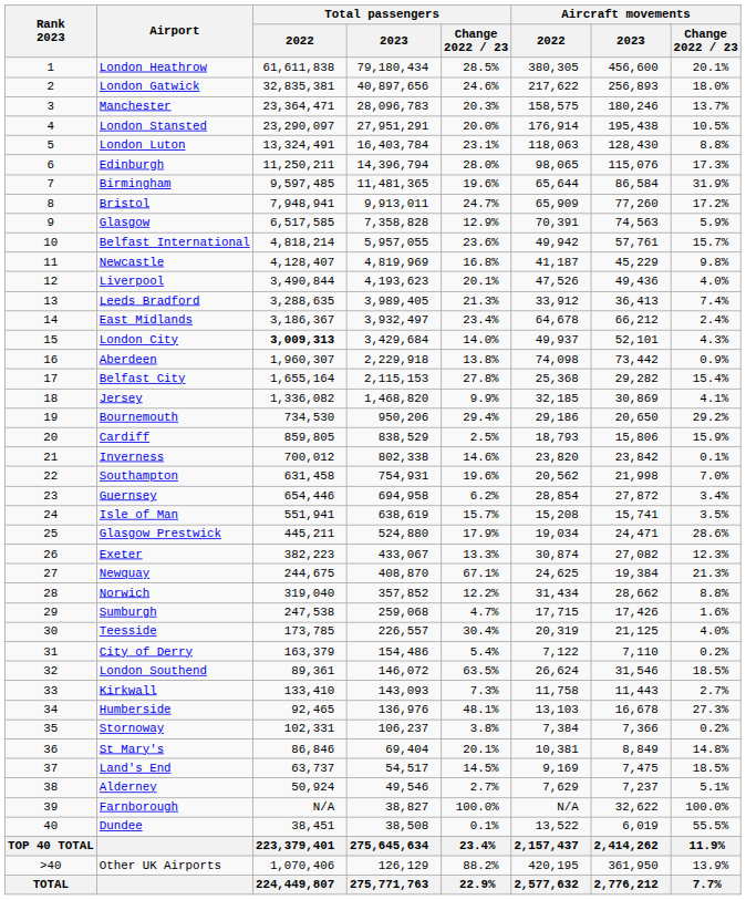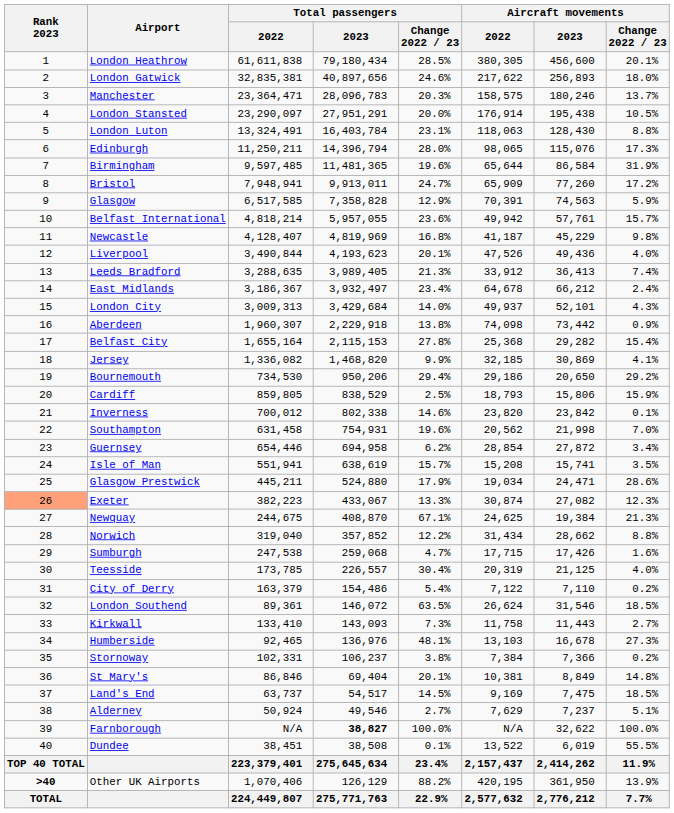 <table class="wikitable sortable" style="text-align: right;">
 <tr>
 <th rowspan=2>Rank<br>2023</th>
 <th rowspan="2">Airport</th>
 <th colspan=3>Total passengers</th>
 <th colspan=3>Aircraft movements</th>
 </tr>
 <tr>
 <th>2022</th>
 <th>2023</th>
 <th>Change<br>2022 / 23</th>
 <th>2022</th>
 <th>2023</th>
 <th>Change<br>2022 / 23</th>
 </tr>
 <tr>
 <td align='center'>1</td>
 <td align='left'><a href='#'>London Heathrow</a></td>
 <td style="padding-right: 1em;">61,611,838</td>
 <td style="padding-right: 1em;">79,180,434</td>
 <td style="padding-right: 1em;">28.5%</td>
 <td style="padding-right: 1em;">380,305</td>
 <td style="padding-right: 1em;">456,600</td>
 <td style="padding-right: 1em;">20.1%</td>
 </tr>
 <tr>
 <td align='center'>2</td>
 <td align='left'><a href='#'>London Gatwick</a></td>
 <td style="padding-right: 1em;">32,835,381</td>
 <td style="padding-right: 1em;">40,897,656</td>
 <td style="padding-right: 1em;">24.6%</td>
 <td style="padding-right: 1em;">217,622</td>
 <td style="padding-right: 1em;">256,893</td>
 <td style="padding-right: 1em;">18.0%</td>
 </tr>
 <tr>
 <td align='center'>3</td>
 <td align='left'><a href='#'>Manchester</a></td>
 <td style="padding-right: 1em;">23,364,471</td>
 <td style="padding-right: 1em;">28,096,783</td>
 <td style="padding-right: 1em;">20.3%</td>
 <td style="padding-right: 1em;">158,575</td>
 <td style="padding-right: 1em;">180,246</td>
 <td style="padding-right: 1em;">13.7%</td>
 </tr>
 <tr>
 <td align='center'>4</td>
 <td align='left'><a href='#'>London Stansted</a></td>
 <td style="padding-right: 1em;">23,290,097</td>
 <td style="padding-right: 1em;">27,951,291</td>
 <td style="padding-right: 1em;">20.0%</td>
 <td style="padding-right: 1em;">176,914</td>
 <td style="padding-right: 1em;">195,438</td>
 <td style="padding-right: 1em;">10.5%</td>
 </tr>
 <tr>
 <td align='center'>5</td>
 <td align='left'><a href='#'>London Luton</a></td>
 <td style="padding-right: 1em;">13,324,491</td>
 <td style="padding-right: 1em;">16,403,784</td>
 <td style="padding-right: 1em;">23.1%</td>
 <td style="padding-right: 1em;">118,063</td>
 <td style="padding-right: 1em;">128,430</td>
 <td style="padding-right: 1em;">8.8%</td>
 </tr>
 <tr>
 <td align='center'>6</td>
 <td align='left'><a href='#'>Edinburgh</a></td>
 <td style="padding-right: 1em;">11,250,211</td>
 <td style="padding-right: 1em;">14,396,794</td>
 <td style="padding-right: 1em;">28.0%</td>
 <td style="padding-right: 1em;">98,065</td>
 <td style="padding-right: 1em;">115,076</td>
 <td style="padding-right: 1em;">17.3%</td>
 </tr>
 <tr>
 <td align='center'>7</td>
 <td align='left'><a href='#'>Birmingham</a></td>
 <td style="padding-right: 1em;">9,597,485</td>
 <td style="padding-right: 1em;">11,481,365</td>
 <td style="padding-right: 1em;">19.6%</td>
 <td style="padding-right: 1em;">65,644</td>
 <td style="padding-right: 1em;">86,584</td>
 <td style="padding-right: 1em;">31.9%</td>
 </tr>
 <tr>
 <td align='center'>8</td>
 <td align='left'><a href='#'>Bristol</a></td>
 <td style="padding-right: 1em;">7,948,941</td>
 <td style="padding-right: 1em;">9,913,011</td>
 <td style="padding-right: 1em;">24.7%</td>
 <td style="padding-right: 1em;">65,909</td>
 <td style="padding-right: 1em;">77,260</td>
 <td style="padding-right: 1em;">17.2%</td>
 </tr>
 <tr>
 <td align='center'>9</td>
 <td align='left'><a href='#'>Glasgow</a></td>
 <td style="padding-right: 1em;">6,517,585</td>
 <td style="padding-right: 1em;">7,358,828</td>
 <td style="padding-right: 1em;">12.9%</td>
 <td style="padding-right: 1em;">70,391</td>
 <td style="padding-right: 1em;">74,563</td>
 <td style="padding-right: 1em;">5.9%</td>
 </tr>
 <tr>
 <td align='center'>10</td>
 <td align='left'><a href='#'>Belfast International</a></td>
 <td style="padding-right: 1em;">4,818,214</td>
 <td style="padding-right: 1em;">5,957,055</td>
 <td style="padding-right: 1em;">23.6%</td>
 <td style="padding-right: 1em;">49,942</td>
 <td style="padding-right: 1em;">57,761</td>
 <td style="padding-right: 1em;">15.7%</td>
 </tr>
 <tr>
 <td align='center'>11</td>
 <td align='left'><a href='#'>Newcastle</a></td>
 <td style="padding-right: 1em;">4,128,407</td>
 <td style="padding-right: 1em;">4,819,969</td>
 <td style="padding-right: 1em;">16.8%</td>
 <td style="padding-right: 1em;">41,187</td>
 <td style="padding-right: 1em;">45,229</td>
 <td style="padding-right: 1em;">9.8%</td>
 </tr>
 <tr>
 <td align='center'>12</td>
 <td align='left'><a href='#'>Liverpool</a></td>
 <td style="padding-right: 1em;">3,490,844</td>
 <td style="padding-right: 1em;">4,193,623</td>
 <td style="padding-right: 1em;">20.1%</td>
 <td style="padding-right: 1em;">47,526</td>
 <td style="padding-right: 1em;">49,436</td>
 <td style="padding-right: 1em;">4.0%</td>
 </tr>
 <tr>
 <td align='center'>13</td>
 <td align='left'><a href='#'>Leeds Bradford</a></td>
 <td style="padding-right: 1em;">3,288,635</td>
 <td style="padding-right: 1em;">3,989,405</td>
 <td style="padding-right: 1em;">21.3%</td>
 <td style="padding-right: 1em;">33,912</td>
 <td style="padding-right: 1em;">36,413</td>
 <td style="padding-right: 1em;">7.4%</td>
 </tr>
 <tr>
 <td align='center'>14</td>
 <td align='left'><a href='#'>East Midlands</a></td>
 <td style="padding-right: 1em;">3,186,367</td>
 <td style="padding-right: 1em;">3,932,497</td>
 <td style="padding-right: 1em;">23.4%</td>
 <td style="padding-right: 1em;">64,678</td>
 <td style="padding-right: 1em;">66,212</td>
 <td style="padding-right: 1em;">2.4%</td>
 </tr>
 <tr>
 <td align='center'>15</td>
 <td align='left'><a href='#'>London City</a></td>
-<td style="padding-right: 1em;"><strong>3,009,313</strong></td>
+<td style="padding-right: 1em;">3,009,313</td>
 <td style="padding-right: 1em;">3,429,684</td>
 <td style="padding-right: 1em;">14.0%</td>
 <td style="padding-right: 1em;">49,937</td>
 <td style="padding-right: 1em;">52,101</td>
 <td style="padding-right: 1em;">4.3%</td>
 </tr>
 <tr>
 <td align='center'>16</td>
 <td align='left'><a href='#'>Aberdeen</a></td>
 <td style="padding-right: 1em;">1,960,307</td>
 <td style="padding-right: 1em;">2,229,918</td>
 <td style="padding-right: 1em;">13.8%</td>
 <td style="padding-right: 1em;">74,098</td>
 <td style="padding-right: 1em;">73,442</td>
 <td style="padding-right: 1em;">0.9%</td>
 </tr>
 <tr>
 <td align='center'>17</td>
 <td align='left'><a href='#'>Belfast City</a></td>
 <td style="padding-right: 1em;">1,655,164</td>
 <td style="padding-right: 1em;">2,115,153</td>
 <td style="padding-right: 1em;">27.8%</td>
 <td style="padding-right: 1em;">25,368</td>
 <td style="padding-right: 1em;">29,282</td>
 <td style="padding-right: 1em;">15.4%</td>
 </tr>
 <tr>
 <td align='center'>18</td>
 <td align='left'><a href='#'>Jersey</a></td>
 <td style="padding-right: 1em;">1,336,082</td>
 <td style="padding-right: 1em;">1,468,820</td>
 <td style="padding-right: 1em;">9.9%</td>
 <td style="padding-right: 1em;">32,185</td>
 <td style="padding-right: 1em;">30,869</td>
 <td style="padding-right: 1em;">4.1%</td>
 </tr>
 <tr>
 <td align='center'>19</td>
 <td align='left'><a href='#'>Bournemouth</a></td>
 <td style="padding-right: 1em;">734,530</td>
 <td style="padding-right: 1em;">950,206</td>
 <td style="padding-right: 1em;">29.4%</td>
 <td style="padding-right: 1em;">29,186</td>
 <td style="padding-right: 1em;">20,650</td>
 <td style="padding-right: 1em;">29.2%</td>
 </tr>
 <tr>
 <td align='center'>20</td>
 <td align='left'><a href='#'>Cardiff</a></td>
 <td style="padding-right: 1em;">859,805</td>
 <td style="padding-right: 1em;">838,529</td>
 <td style="padding-right: 1em;">2.5%</td>
 <td style="padding-right: 1em;">18,793</td>
 <td style="padding-right: 1em;">15,806</td>
 <td style="padding-right: 1em;">15.9%</td>
 </tr>
 <tr>
 <td align='center'>21</td>
 <td align='left'><a href='#'>Inverness</a></td>
 <td style="padding-right: 1em;">700,012</td>
 <td style="padding-right: 1em;">802,338</td>
 <td style="padding-right: 1em;">14.6%</td>
 <td style="padding-right: 1em;">23,820</td>
 <td style="padding-right: 1em;">23,842</td>
 <td style="padding-right: 1em;">0.1%</td>
 </tr>
 <tr>
 <td align='center'>22</td>
 <td align='left'><a href='#'>Southampton</a></td>
 <td style="padding-right: 1em;">631,458</td>
 <td style="padding-right: 1em;">754,931</td>
 <td style="padding-right: 1em;">19.6%</td>
 <td style="padding-right: 1em;">20,562</td>
 <td style="padding-right: 1em;">21,998</td>
 <td style="padding-right: 1em;">7.0%</td>
 </tr>
 <tr>
 <td align='center'>23</td>
 <td align='left'><a href='#'>Guernsey</a></td>
 <td style="padding-right: 1em;">654,446</td>
 <td style="padding-right: 1em;">694,958</td>
 <td style="padding-right: 1em;">6.2%</td>
 <td style="padding-right: 1em;">28,854</td>
 <td style="padding-right: 1em;">27,872</td>
 <td style="padding-right: 1em;">3.4%</td>
 </tr>
 <tr>
 <td align='center'>24</td>
 <td align='left'><a href='#'>Isle of Man</a></td>
 <td style="padding-right: 1em;">551,941</td>
 <td style="padding-right: 1em;">638,619</td>
 <td style="padding-right: 1em;">15.7%</td>
 <td style="padding-right: 1em;">15,208</td>
 <td style="padding-right: 1em;">15,741</td>
 <td style="padding-right: 1em;">3.5%</td>
 </tr>
 <tr>
 <td align='center'>25</td>
 <td align='left'><a href='#'>Glasgow Prestwick</a></td>
 <td style="padding-right: 1em;">445,211</td>
 <td style="padding-right: 1em;">524,880</td>
 <td style="padding-right: 1em;">17.9%</td>
 <td style="padding-right: 1em;">19,034</td>
 <td style="padding-right: 1em;">24,471</td>
 <td style="padding-right: 1em;">28.6%</td>
 </tr>
 <tr>
-<td align='center'>26</td>
+<td align='center' style="background: lightsalmon;">26</td>
 <td align='left'><a href='#'>Exeter</a></td>
 <td style="padding-right: 1em;">382,223</td>
 <td style="padding-right: 1em;">433,067</td>
 <td style="padding-right: 1em;">13.3%</td>
 <td style="padding-right: 1em;">30,874</td>
 <td style="padding-right: 1em;">27,082</td>
 <td style="padding-right: 1em;">12.3%</td>
 </tr>
 <tr>
 <td align='center'>27</td>
 <td align="left"><a href='#'>Newquay</a></td>
 <td style="padding-right: 1em;">244,675</td>
 <td style="padding-right: 1em;">408,870</td>
 <td style="padding-right: 1em;">67.1%</td>
 <td style="padding-right: 1em;">24,625</td>
 <td style="padding-right: 1em;">19,384</td>
 <td style="padding-right: 1em;">21.3%</td>
 </tr>
 <tr>
 <td align='center'>28</td>
 <td align='left'><a href='#'>Norwich</a></td>
 <td style="padding-right: 1em;">319,040</td>
 <td style="padding-right: 1em;">357,852</td>
 <td style="padding-right: 1em;">12.2%</td>
 <td style="padding-right: 1em;">31,434</td>
 <td style="padding-right: 1em;">28,662</td>
 <td style="padding-right: 1em;">8.8%</td>
 </tr>
 <tr>
 <td align='center'>29</td>
 <td align="left"><a href='#'>Sumburgh</a></td>
 <td style="padding-right: 1em;">247,538</td>
 <td style="padding-right: 1em;">259,068</td>
 <td style="padding-right: 1em;">4.7%</td>
 <td style="padding-right: 1em;">17,715</td>
 <td style="padding-right: 1em;">17,426</td>
 <td style="padding-right: 1em;">1.6%</td>
 </tr>
 <tr>
 <td align='center'>30</td>
 <td align="left"><a href='#'>Teesside</a></td>
 <td style="padding-right: 1em;">173,785</td>
 <td style="padding-right: 1em;">226,557</td>
 <td style="padding-right: 1em;">30.4%</td>
 <td style="padding-right: 1em;">20,319</td>
 <td style="padding-right: 1em;">21,125</td>
 <td style="padding-right: 1em;">4.0%</td>
 </tr>
 <tr>
 <td align='center'>31</td>
 <td align="left"><a href='#'>City of Derry</a></td>
 <td style="padding-right: 1em;">163,379</td>
 <td style="padding-right: 1em;">154,486</td>
 <td style="padding-right: 1em;">5.4%</td>
 <td style="padding-right: 1em;">7,122</td>
 <td style="padding-right: 1em;">7,110</td>
 <td style="padding-right: 1em;">0.2%</td>
 </tr>
 <tr>
 <td align='center'>32</td>
 <td align='left'><a href='#'>London Southend</a></td>
 <td style="padding-right: 1em;">89,361</td>
 <td style="padding-right: 1em;">146,072</td>
 <td style="padding-right: 1em;">63.5%</td>
 <td style="padding-right: 1em;">26,624</td>
 <td style="padding-right: 1em;">31,546</td>
 <td style="padding-right: 1em;">18.5%</td>
 </tr>
 <tr>
 <td align='center'>33</td>
 <td align='left'><a href='#'>Kirkwall</a></td>
 <td style="padding-right: 1em;">133,410</td>
 <td style="padding-right: 1em;">143,093</td>
 <td style="padding-right: 1em;">7.3%</td>
 <td style="padding-right: 1em;">11,758</td>
 <td style="padding-right: 1em;">11,443</td>
 <td style="padding-right: 1em;">2.7%</td>
 </tr>
 <tr>
 <td align='center'>34</td>
 <td align='left'><a href='#'>Humberside</a></td>
 <td style="padding-right: 1em;">92,465</td>
 <td style="padding-right: 1em;">136,976</td>
 <td style="padding-right: 1em;">48.1%</td>
 <td style="padding-right: 1em;">13,103</td>
 <td style="padding-right: 1em;">16,678</td>
 <td style="padding-right: 1em;">27.3%</td>
 </tr>
 <tr>
 <td align='center'>35</td>
 <td align="left"><a href='#'>Stornoway</a></td>
 <td style="padding-right: 1em;">102,331</td>
 <td style="padding-right: 1em;">106,237</td>
 <td style="padding-right: 1em;">3.8%</td>
 <td style="padding-right: 1em;">7,384</td>
 <td style="padding-right: 1em;">7,366</td>
 <td style="padding-right: 1em;">0.2%</td>
 </tr>
 <tr>
 <td align='center'>36</td>
 <td align='left'><a href='#'>St Mary's</a></td>
 <td style="padding-right: 1em;">86,846</td>
 <td style="padding-right: 1em;">69,404</td>
 <td style="padding-right: 1em;">20.1%</td>
 <td style="padding-right: 1em;">10,381</td>
 <td style="padding-right: 1em;">8,849</td>
 <td style="padding-right: 1em;">14.8%</td>
 </tr>
 <tr>
 <td align='center'>37</td>
 <td align='left'><a href='#'>Land's End</a></td>
 <td style="padding-right: 1em;">63,737</td>
 <td style="padding-right: 1em;">54,517</td>
 <td style="padding-right: 1em;">14.5%</td>
 <td style="padding-right: 1em;">9,169</td>
 <td style="padding-right: 1em;">7,475</td>
 <td style="padding-right: 1em;">18.5%</td>
 </tr>
 <tr>
 <td align='center'>38</td>
 <td align='left'><a href='#'>Alderney</a></td>
 <td style="padding-right: 1em;">50,924</td>
 <td style="padding-right: 1em;">49,546</td>
 <td style="padding-right: 1em;">2.7%</td>
 <td style="padding-right: 1em;">7,629</td>
 <td style="padding-right: 1em;">7,237</td>
 <td style="padding-right: 1em;">5.1%</td>
 </tr>
 <tr>
 <td align='center'>39</td>
 <td align='left'><a href='#'>Farnborough</a></td>
 <td style="padding-right: 1em;">N/A</td>
-<td style="padding-right: 1em;">38,827</td>
+<td style="padding-right: 1em;"><strong>38,827</strong></td>
 <td style="padding-right: 1em;">100.0%</td>
 <td style="padding-right: 1em;">N/A</td>
 <td style="padding-right: 1em;">32,622</td>
 <td style="padding-right: 1em;">100.0%</td>
 </tr>
 <tr>
 <td align='center'>40</td>
 <td align='left'><a href='#'>Dundee</a></td>
 <td style="padding-right: 1em;">38,451</td>
 <td style="padding-right: 1em;">38,508</td>
 <td style="padding-right: 1em;">0.1%</td>
 <td style="padding-right: 1em;">13,522</td>
 <td style="padding-right: 1em;">6,019</td>
 <td style="padding-right: 1em;">55.5%</td>
 </tr>
 <tr class="sortbottom">
 <th>TOP 40 TOTAL</th>
 <th></th>
 <th style="padding-right: 1em;">223,379,401</th>
 <th style="padding-right: 1em;">275,645,634</th>
 <th style="padding-right: 0em;">23.4%</th>
 <th style="padding-right: 1em;">2,157,437</th>
 <th style="padding-right: 1em;">2,414,262</th>
 <th style="padding-right: 0em;">11.9%</th>
 </tr>
 <tr class="sortbottom">
-<td align='center'>>40</td>
+<td align='center'><strong>>40</strong></td>
 <td align='left'>Other UK Airports</td>
 <td style="padding-right: 1em;">1,070,406</td>
 <td style="padding-right: 1em;">126,129</td>
 <td style="padding-right: 1em;">88.2%</td>
 <td style="padding-right: 1em;">420,195</td>
 <td style="padding-right: 1em;">361,950</td>
 <td style="padding-right: 1em;">13.9%</td>
 </tr>
 <tr class="sortbottom">
 <th>TOTAL</th>
 <th></th>
 <th style="padding-right: 1em;">224,449,807</th>
 <th style="padding-right: 1em;">275,771,763</th>
 <th style="padding-right: 0em;">22.9%</th>
 <th style="padding-right: 1em;">2,577,632</th>
 <th style="padding-right: 1em;">2,776,212</th>
 <th style="padding-right: 0em;">7.7%</th>
 </tr>
 </table>
